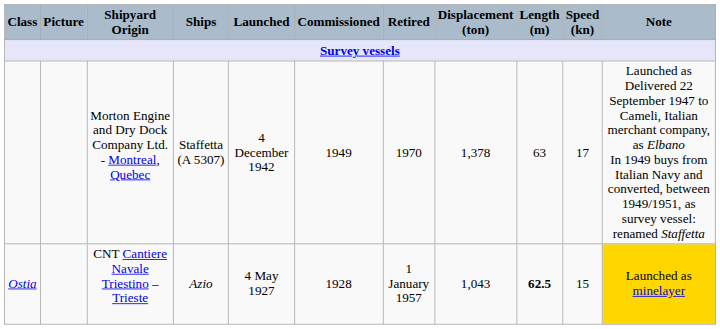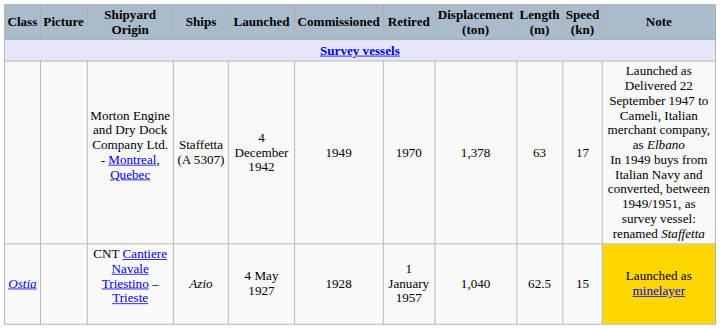 <table class="wikitable" style="text-align:center;">
 <tr>
 <th style="text-align: central; background: #aabccc;">Class</th>
 <th style="text-align: central; background: #aabccc;">Picture</th>
 <th style="text-align: central; background: #aabccc;">Shipyard<br>Origin</th>
 <th style="text-align: central; background: #aabccc;">Ships</th>
 <th style="text-align: central; background: #aabccc;">Launched</th>
 <th style="text-align: central; background: #aabccc;">Commissioned</th>
 <th style="text-align: central; background: #aabccc;">Retired</th>
 <th style="text-align: central; background: #aabccc;">Displacement<br>(ton)</th>
 <th style="text-align: central; background: #aabccc;">Length<br>(m)</th>
 <th style="text-align: central; background: #aabccc;">Speed<br>(kn)</th>
 <th style="text-align: central; background: #aabccc;">Note</th>
 </tr>
 <tr>
 <th style="align: center; background: lavender;" colspan="11"><strong><a href='#'>Survey vessels</a></strong></th>
 </tr>
 <tr>
 <td></td>
 <td></td>
 <td>Morton Engine and Dry Dock Company Ltd. - <a href='#'>Montreal</a>, <a href='#'>Quebec</a><br><br></td>
 <td>Staffetta (A 5307) </td>
 <td>4 December 1942</td>
 <td>1949</td>
 <td>1970</td>
 <td>1,378</td>
 <td>63</td>
 <td>17</td>
 <td>Launched as <br>Delivered 22 September 1947 to Cameli, Italian merchant company, as <em>Elbano</em><br>In 1949 buys from Italian Navy and converted, between 1949/1951, as survey vessel: renamed <em>Staffetta</em></td>
 </tr>
 <tr>
 <td><a href='#'><em>Ostia</em></a></td>
 <td></td>
 <td>CNT <a href='#'>Cantiere Navale Triestino</a> – <a href='#'>Trieste</a><br><br></td>
 <td><em>Azio</em></td>
 <td>4 May 1927</td>
 <td>1928</td>
 <td>1 January 1957</td>
-<td>1,043</td>
-<td><strong>62.5</strong></td>
+<td>1,040</td>
+<td>62.5</td>
 <td>15</td>
 <td style="background: gold;">Launched as <a href='#'>minelayer</a></td>
 </tr>
 </table>
